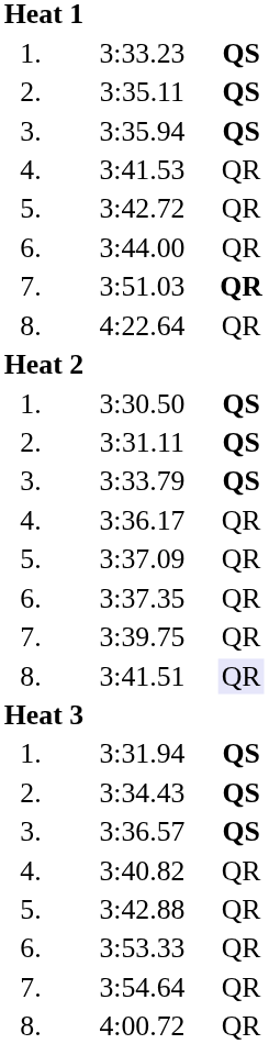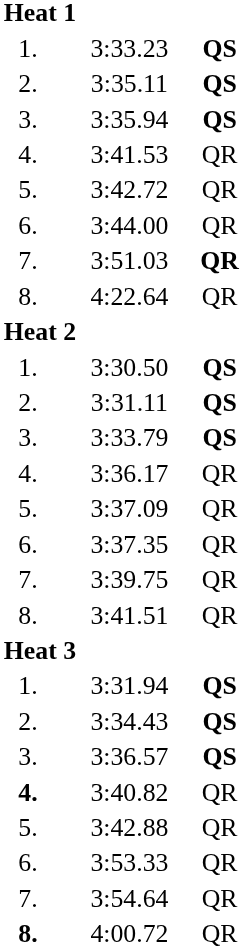 <table style="text-align:center">
 <tr>
 <td colspan=4 align=left><strong>Heat 1</strong></td>
 </tr>
 <tr>
 <td width=30>1.</td>
 <td align=left></td>
 <td width=80>3:33.23</td>
 <td><strong>QS</strong></td>
 </tr>
 <tr>
 <td>2.</td>
 <td align=left></td>
 <td>3:35.11</td>
 <td><strong>QS</strong></td>
 </tr>
 <tr>
 <td>3.</td>
 <td align=left></td>
 <td>3:35.94</td>
 <td><strong>QS</strong></td>
 </tr>
 <tr>
 <td>4.</td>
 <td align=left></td>
 <td>3:41.53</td>
 <td>QR</td>
 </tr>
 <tr>
 <td>5.</td>
 <td align=left></td>
 <td>3:42.72</td>
 <td>QR</td>
 </tr>
 <tr>
 <td>6.</td>
 <td align=left></td>
 <td>3:44.00</td>
 <td>QR</td>
 </tr>
 <tr>
 <td>7.</td>
 <td align=left></td>
 <td>3:51.03</td>
 <td><strong>QR</strong></td>
 </tr>
 <tr>
 <td>8.</td>
 <td align=left></td>
 <td>4:22.64</td>
 <td>QR</td>
 </tr>
 <tr>
 <td colspan=4 align=left><strong>Heat 2</strong></td>
 </tr>
 <tr>
 <td>1.</td>
 <td align=left></td>
 <td>3:30.50</td>
 <td><strong>QS</strong></td>
 </tr>
 <tr>
 <td>2.</td>
 <td align=left></td>
 <td>3:31.11</td>
 <td><strong>QS</strong></td>
 </tr>
 <tr>
 <td>3.</td>
 <td align=left></td>
 <td>3:33.79</td>
 <td><strong>QS</strong></td>
 </tr>
 <tr>
 <td>4.</td>
 <td align=left></td>
 <td>3:36.17</td>
 <td>QR</td>
 </tr>
 <tr>
 <td>5.</td>
 <td align=left></td>
 <td>3:37.09</td>
 <td>QR</td>
 </tr>
 <tr>
 <td>6.</td>
 <td align=left></td>
 <td>3:37.35</td>
 <td>QR</td>
 </tr>
 <tr>
 <td>7.</td>
 <td align=left></td>
 <td>3:39.75</td>
 <td>QR</td>
 </tr>
 <tr>
 <td>8.</td>
 <td align=left></td>
 <td>3:41.51</td>
-<td style="background: lavender;">QR</td>
+<td>QR</td>
 </tr>
 <tr>
 <td colspan=4 align=left><strong>Heat 3</strong></td>
 </tr>
 <tr>
 <td>1.</td>
 <td align=left></td>
 <td>3:31.94</td>
 <td><strong>QS</strong></td>
 </tr>
 <tr>
 <td>2.</td>
 <td align=left></td>
 <td>3:34.43</td>
 <td><strong>QS</strong></td>
 </tr>
 <tr>
 <td>3.</td>
 <td align=left></td>
 <td>3:36.57</td>
 <td><strong>QS</strong></td>
 </tr>
 <tr>
-<td>4.</td>
+<td><strong>4.</strong></td>
 <td align=left></td>
 <td>3:40.82</td>
 <td>QR</td>
 </tr>
 <tr>
 <td>5.</td>
 <td align=left></td>
 <td>3:42.88</td>
 <td>QR</td>
 </tr>
 <tr>
 <td>6.</td>
 <td align=left></td>
 <td>3:53.33</td>
 <td>QR</td>
 </tr>
 <tr>
 <td>7.</td>
 <td align=left></td>
 <td>3:54.64</td>
 <td>QR</td>
 </tr>
 <tr>
-<td>8.</td>
+<td><strong>8.</strong></td>
 <td align=left></td>
 <td>4:00.72</td>
 <td>QR</td>
 </tr>
 </table>
